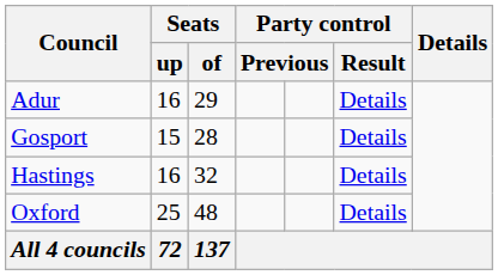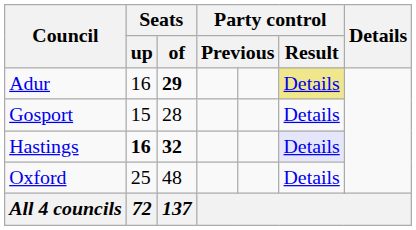 <table class="wikitable sortable">
 <tr>
 <th rowspan="2">Council</th>
 <th colspan="2">Seats</th>
 <th colspan="4">Party control</th>
 <th rowspan="2">Details</th>
 </tr>
 <tr>
 <th>up</th>
 <th>of</th>
 <th colspan="2">Previous</th>
 <th colspan="2">Result</th>
 </tr>
 <tr>
 <td><a href='#'>Adur</a></td>
 <td>16</td>
-<td>29</td>
+<td><strong>29</strong></td>
 <td></td>
 <td></td>
-<td><a href='#'>Details</a></td>
+<td style="background: khaki;"><a href='#'>Details</a></td>
 </tr>
 <tr>
 <td><a href='#'>Gosport</a></td>
 <td>15</td>
 <td>28</td>
 <td></td>
 <td></td>
 <td><a href='#'>Details</a></td>
 </tr>
 <tr>
 <td><a href='#'>Hastings</a></td>
-<td>16</td>
-<td>32</td>
+<td><strong>16</strong></td>
+<td><strong>32</strong></td>
 <td></td>
 <td></td>
-<td><a href='#'>Details</a></td>
+<td style="background: lavender;"><a href='#'>Details</a></td>
 </tr>
 <tr>
 <td><a href='#'>Oxford</a></td>
 <td>25</td>
 <td>48</td>
 <td></td>
 <td></td>
 <td><a href='#'>Details</a></td>
 </tr>
 <tr class="sortbottom">
 <th style="text-align:left;"><em>All 4 councils</em></th>
 <th><em>72</em></th>
 <th><em>137</em></th>
 <th colspan="5"></th>
 </tr>
 </table>
